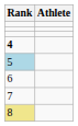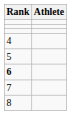 <table class="wikitable" style="text-align:left">
 <tr>
 <th>Rank</th>
 <th>Athlete</th>
 </tr>
 <tr>
 <td></td>
 <td></td>
 </tr>
 <tr>
 <td></td>
 <td></td>
 </tr>
 <tr>
 <td></td>
 <td></td>
 </tr>
 <tr>
-<td><strong>4</strong></td>
+<td>4</td>
 <td></td>
 </tr>
 <tr>
-<td style="background: lightblue;">5</td>
+<td>5</td>
 <td></td>
 </tr>
 <tr>
-<td>6</td>
+<td><strong>6</strong></td>
 <td></td>
 </tr>
 <tr>
 <td>7</td>
 <td></td>
 </tr>
 <tr>
-<td style="background: khaki;">8</td>
+<td>8</td>
 <td></td>
 </tr>
 </table>
